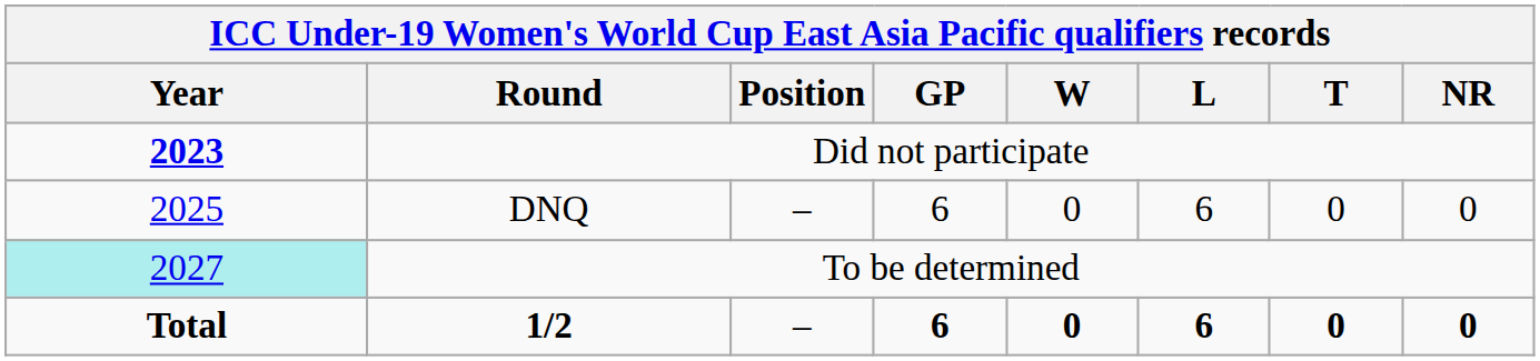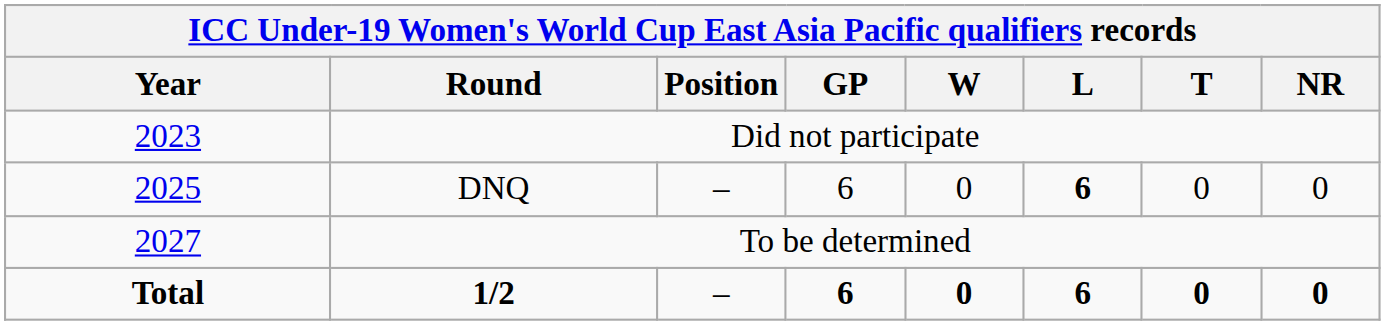 <table class="wikitable" style="text-align: center; width=900px;">
 <tr>
 <th colspan=9><a href='#'>ICC Under-19 Women's World Cup East Asia Pacific qualifiers</a> records</th>
 </tr>
 <tr>
 <th width=150>Year</th>
 <th width=150>Round</th>
 <th width=50>Position</th>
 <th width=50>GP</th>
 <th width=50>W</th>
 <th width=50>L</th>
 <th width=50>T</th>
 <th width=50>NR</th>
 </tr>
 <tr>
-<td><strong> <a href='#'>2023</a></strong></td>
+<td> <a href='#'>2023</a></td>
 <td colspan=8>Did not participate</td>
 </tr>
 <tr>
 <td> <a href='#'>2025</a></td>
 <td>DNQ</td>
 <td>–</td>
 <td>6</td>
 <td>0</td>
-<td>6</td>
+<td><strong>6</strong></td>
 <td>0</td>
 <td>0</td>
 </tr>
 <tr>
-<td style="background: paleturquoise;"> <a href='#'>2027</a></td>
+<td> <a href='#'>2027</a></td>
 <td colspan=8>To be determined</td>
 </tr>
 <tr>
 <td><strong>Total</strong></td>
 <td><strong>1/2</strong></td>
 <td>–</td>
 <td><strong>6</strong></td>
 <td><strong>0</strong></td>
 <td><strong>6</strong></td>
 <td><strong>0</strong></td>
 <td><strong>0</strong></td>
 </tr>
 </table>
